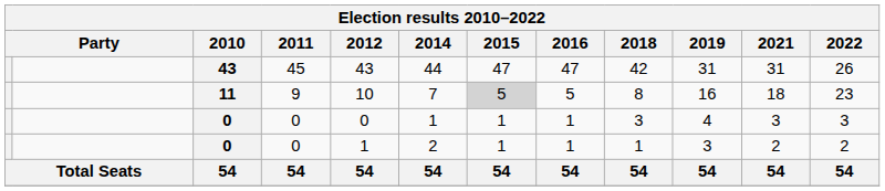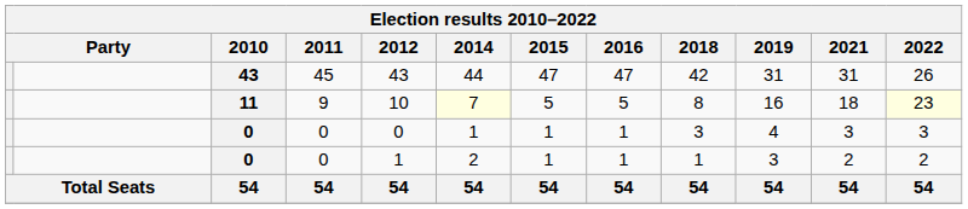 <table class="wikitable" style="">
 <tr>
 <th colspan="12">Election results 2010–2022</th>
 </tr>
 <tr>
 <th colspan="2">Party</th>
 <th align="center">2010</th>
 <th style="width: 50px">2011</th>
 <th style="width: 50px">2012</th>
 <th style="width: 50px">2014</th>
 <th style="width: 50px">2015</th>
 <th style="width: 50px">2016</th>
 <th style="width: 50px">2018</th>
 <th style="width: 50px">2019</th>
 <th style="width: 50px">2021</th>
 <th style="width: 50px">2022</th>
 </tr>
 <tr>
 <th style="background-color: "></th>
 <td style="width: 170px"><a href='#'></a></td>
 <th align="center">43</th>
 <td align="center">45</td>
 <td align="center">43</td>
 <td align="center">44</td>
 <td align="center">47</td>
 <td align="center">47</td>
 <td align="center">42</td>
 <td align="center">31</td>
 <td align="center">31</td>
 <td align="center">26</td>
 </tr>
 <tr>
 <th style="background-color: "></th>
 <td style="width: 170px"><a href='#'></a></td>
 <th align="center">11</th>
 <td align="center">9</td>
 <td align="center">10</td>
-<td align="center">7</td>
-<td align="center" style="background: lightgrey;">5</td>
+<td align="center" style="background: lightyellow;">7</td>
+<td align="center">5</td>
 <td align="center">5</td>
 <td align="center">8</td>
 <td align="center">16</td>
 <td align="center">18</td>
-<td align="center">23</td>
+<td align="center" style="background: lightyellow;">23</td>
 </tr>
 <tr>
 <th style="background-color: "></th>
 <td style="width: 170px"><a href='#'></a></td>
 <th align="center">0</th>
 <td align="center">0</td>
 <td align="center">0</td>
 <td align="center">1</td>
 <td align="center">1</td>
 <td align="center">1</td>
 <td align="center">3</td>
 <td align="center">4</td>
 <td align="center">3</td>
 <td align="center">3</td>
 </tr>
 <tr>
 <th style="background-color: "></th>
 <td style="width: 170px"></td>
 <th align="center">0</th>
 <td align="center">0</td>
 <td align="center">1</td>
 <td align="center">2</td>
 <td align="center">1</td>
 <td align="center">1</td>
 <td align="center">1</td>
 <td align="center">3</td>
 <td align="center">2</td>
 <td align="center">2</td>
 </tr>
 <tr>
 <th colspan="2">Total Seats</th>
 <th style="width: 60px">54</th>
 <th style="width: 60px">54</th>
 <th style="width: 60px">54</th>
 <th style="width: 60px">54</th>
 <th style="width: 60px">54</th>
 <th style="width: 60px">54</th>
 <th style="width: 60px">54</th>
 <th style="width: 60px">54</th>
 <th style="width: 60px">54</th>
 <th style="width: 60px">54</th>
 </tr>
 <tr>
 </tr>
 </table>
